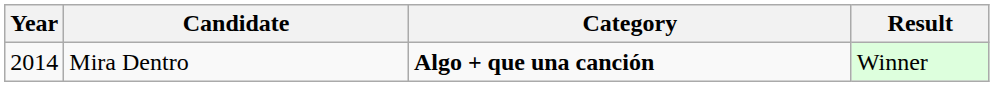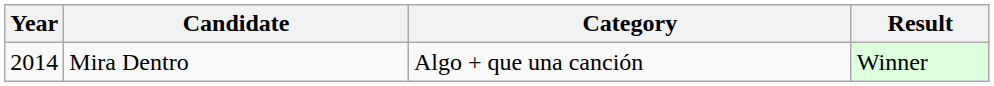 <table class="wikitable" style="table-layout: fixed;">
 <tr>
 <th width="6%">Year</th>
 <th width="35%">Candidate</th>
 <th width="45%">Category</th>
 <th width="14%">Result</th>
 </tr>
 <tr>
 <td rowspan="5">2014</td>
 <td>Mira Dentro</td>
-<td><strong>Algo + que una canción</strong></td>
+<td>Algo + que una canción</td>
 <td style="background: #ddffdd">Winner</td>
 </tr>
 </table>
